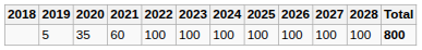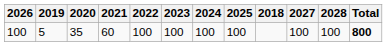 <table class="wikitable">
 <tr>
-<th>2018</th>
+<th>2026</th>
 <th>2019</th>
 <th>2020</th>
 <th>2021</th>
 <th>2022</th>
 <th>2023</th>
 <th>2024</th>
 <th>2025</th>
-<th>2026</th>
+<th>2018</th>
 <th>2027</th>
 <th>2028</th>
 <th>Total</th>
 </tr>
 <tr>
-<td></td>
+<td>100</td>
 <td>5</td>
 <td>35</td>
 <td>60</td>
 <td>100</td>
 <td>100</td>
 <td>100</td>
 <td>100</td>
-<td>100</td>
+<td></td>
 <td>100</td>
 <td>100</td>
 <td><strong>800</strong></td>
 </tr>
 </table>
